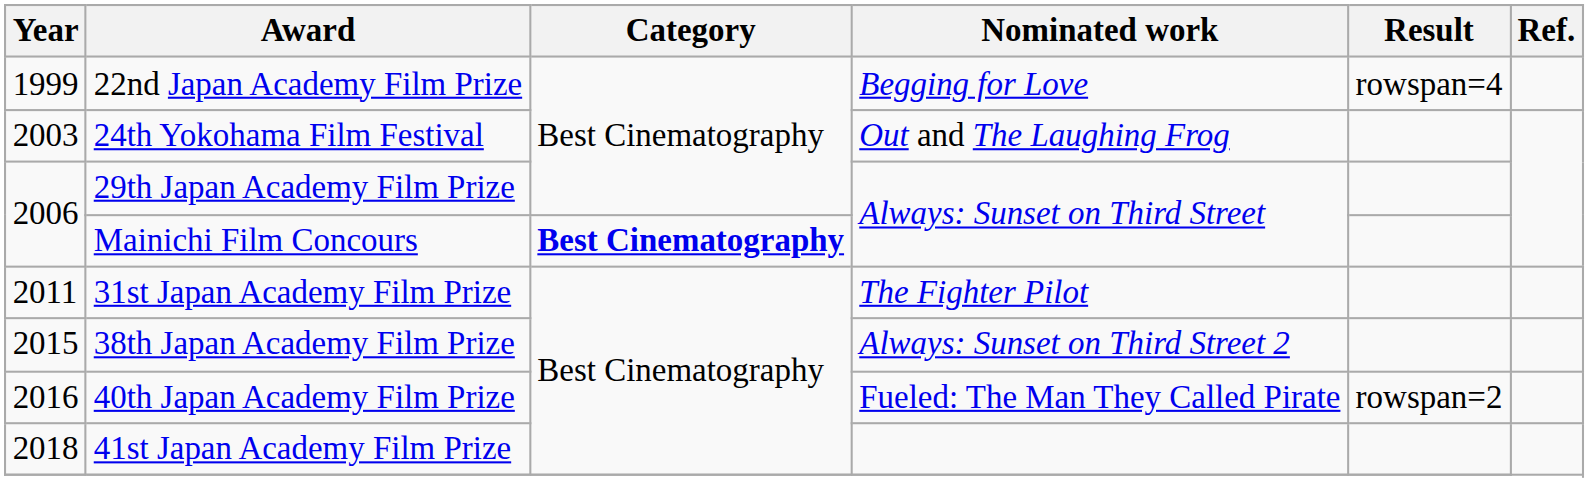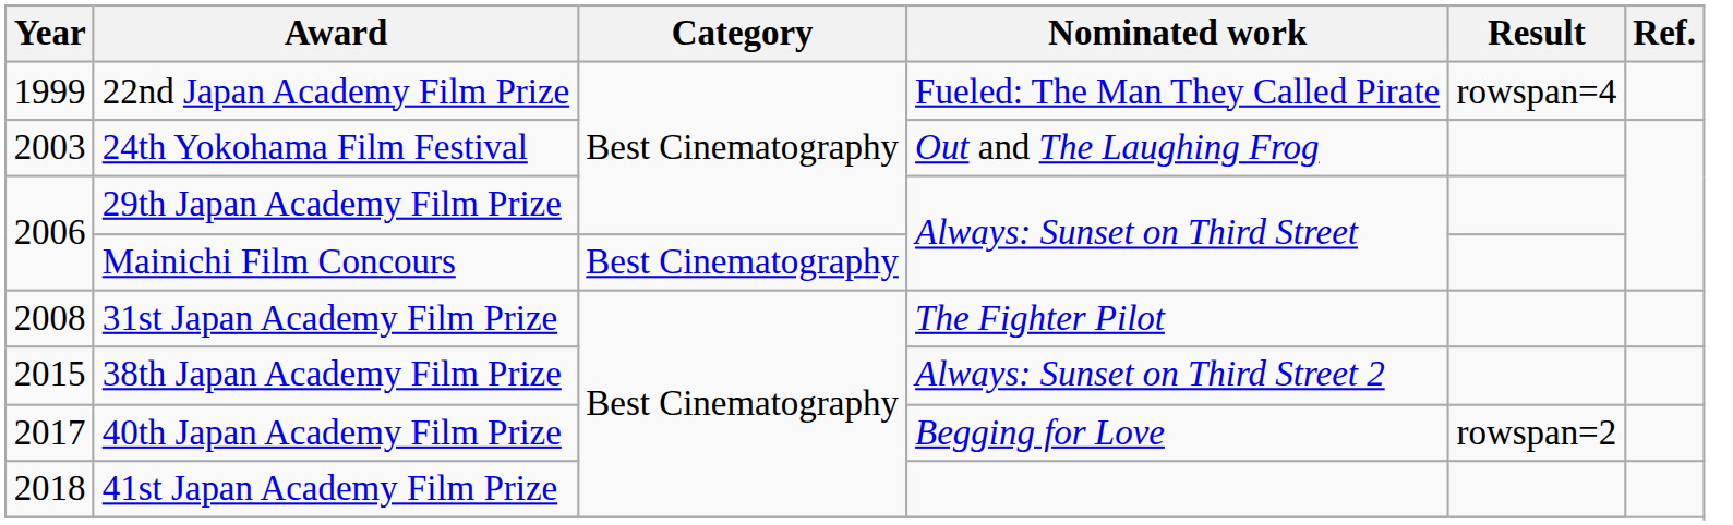 <table class="wikitable sortable">
 <tr>
 <th>Year</th>
 <th>Award</th>
 <th>Category</th>
 <th>Nominated work</th>
 <th>Result</th>
 <th class="unsortable">Ref.</th>
 </tr>
 <tr>
 <td>1999</td>
 <td>22nd <a href='#'>Japan Academy Film Prize</a></td>
 <td rowspan=3>Best Cinematography</td>
-<td><em><a href='#'>Begging for Love</a></em></td>
+<td><a href='#'>Fueled: The Man They Called Pirate</a></td>
 <td>rowspan=4 </td>
 <td></td>
 </tr>
 <tr>
 <td>2003</td>
 <td><a href='#'>24th Yokohama Film Festival</a></td>
 <td><em><a href='#'>Out</a></em> and <em><a href='#'>The Laughing Frog</a></em></td>
 <td></td>
 </tr>
 <tr>
 <td rowspan=2>2006</td>
 <td><a href='#'>29th Japan Academy Film Prize</a></td>
 <td rowspan=2><em><a href='#'>Always: Sunset on Third Street</a></em></td>
 <td></td>
 </tr>
 <tr>
 <td><a href='#'>Mainichi Film Concours</a></td>
-<td><strong><a href='#'>Best Cinematography</a></strong></td>
+<td><a href='#'>Best Cinematography</a></td>
 <td></td>
 </tr>
 <tr>
-<td>2011</td>
+<td>2008</td>
 <td><a href='#'>31st Japan Academy Film Prize</a></td>
 <td rowspan=4>Best Cinematography</td>
 <td><em><a href='#'>The Fighter Pilot</a></em></td>
 <td></td>
 <td></td>
 </tr>
 <tr>
 <td>2015</td>
 <td><a href='#'>38th Japan Academy Film Prize</a></td>
 <td><em><a href='#'>Always: Sunset on Third Street 2</a></em></td>
 <td></td>
 <td></td>
 </tr>
 <tr>
-<td>2016</td>
+<td>2017</td>
 <td><a href='#'>40th Japan Academy Film Prize</a></td>
-<td><a href='#'>Fueled: The Man They Called Pirate</a></td>
+<td><em><a href='#'>Begging for Love</a></em></td>
 <td>rowspan=2 </td>
 <td></td>
 </tr>
 <tr>
 <td>2018</td>
 <td><a href='#'>41st Japan Academy Film Prize</a></td>
 <td><em></em></td>
 <td></td>
 </tr>
 <tr>
 </tr>
 </table>
